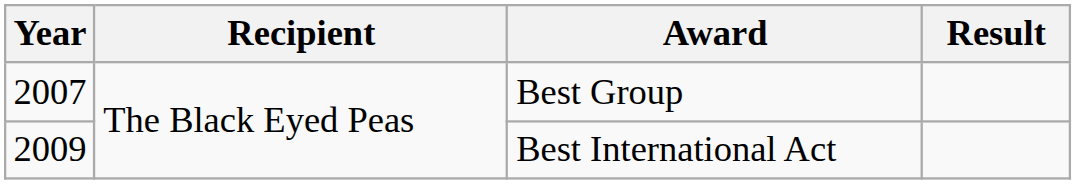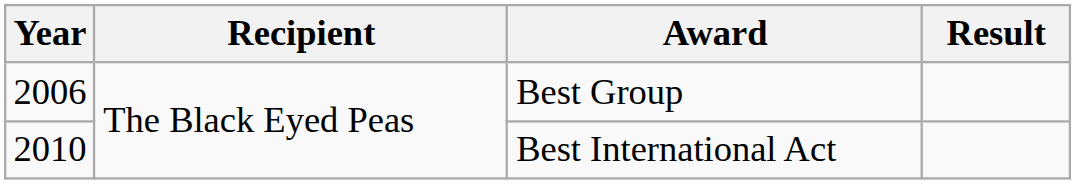 <table style="width: 75%;" class="wikitable">
 <tr>
 <th style="width:6%;">Year</th>
 <th style="width:40%;">Recipient</th>
 <th style="width:40%;">Award</th>
 <th style="width:14%;">Result</th>
 </tr>
 <tr>
-<td>2007</td>
+<td>2006</td>
 <td rowspan=2>The Black Eyed Peas</td>
 <td>Best Group</td>
 <td></td>
 </tr>
 <tr>
-<td>2009</td>
+<td>2010</td>
 <td>Best International Act</td>
 <td></td>
 </tr>
 </table>
